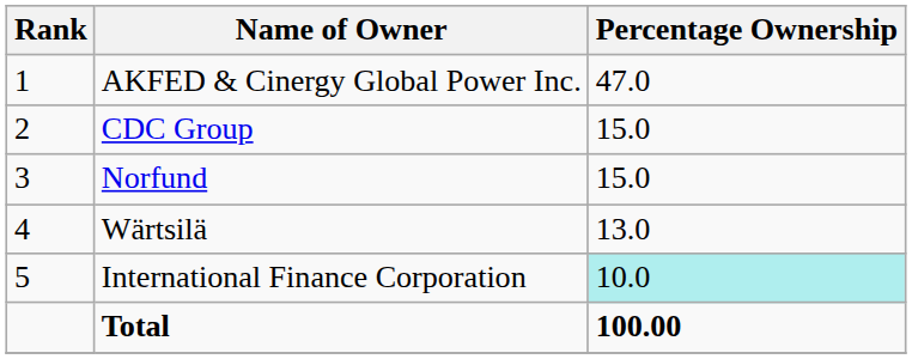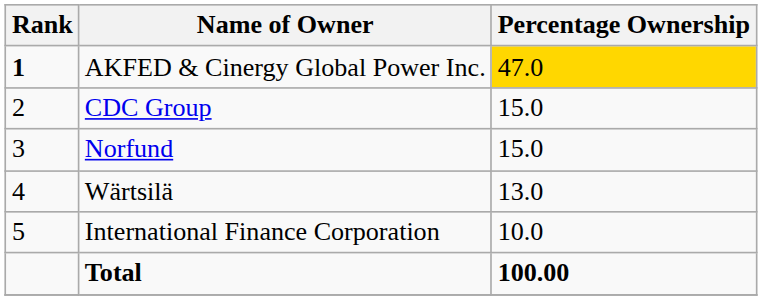 <table class="wikitable sortable" style="margin: 0.5em auto">
 <tr>
 <th>Rank</th>
 <th>Name of Owner</th>
 <th>Percentage Ownership</th>
 </tr>
 <tr>
-<td>1</td>
+<td><strong>1</strong></td>
 <td>AKFED & Cinergy Global Power Inc.</td>
-<td>47.0</td>
+<td style="background: gold;">47.0</td>
 </tr>
 <tr>
 <td>2</td>
 <td><a href='#'>CDC Group</a></td>
 <td>15.0</td>
 </tr>
 <tr>
 <td>3</td>
 <td><a href='#'>Norfund</a></td>
 <td>15.0</td>
 </tr>
 <tr>
 <td>4</td>
 <td>Wärtsilä</td>
 <td>13.0</td>
 </tr>
 <tr>
 <td>5</td>
 <td>International Finance Corporation</td>
-<td style="background: paleturquoise;">10.0</td>
+<td>10.0</td>
 </tr>
 <tr>
 <td></td>
 <td><strong>Total</strong></td>
 <td><strong>100.00</strong></td>
 </tr>
 <tr>
 </tr>
 </table>
